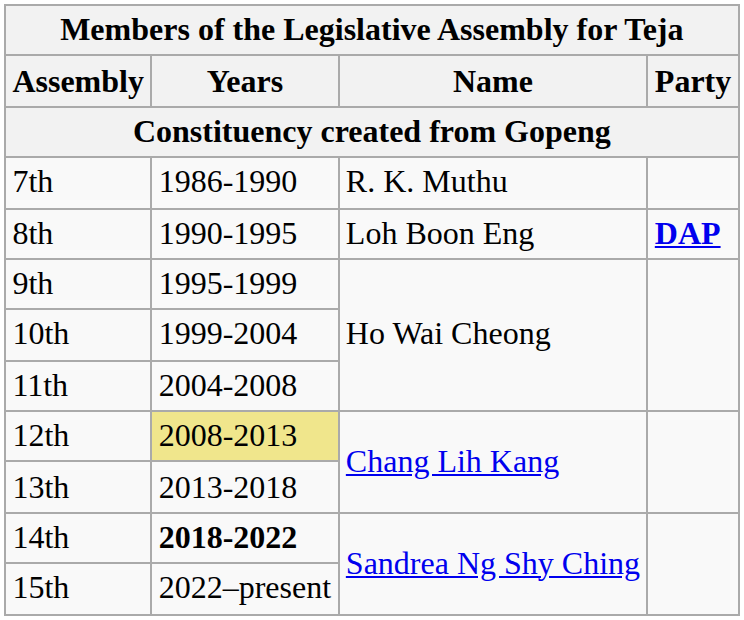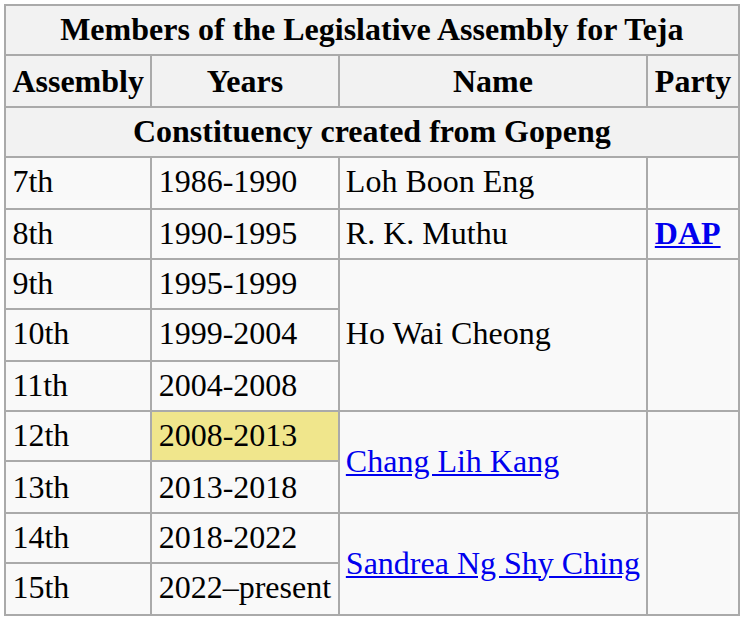 <table class="wikitable">
 <tr>
 <th colspan="4">Members of the Legislative Assembly for Teja</th>
 </tr>
 <tr>
 <th>Assembly</th>
 <th>Years</th>
 <th>Name</th>
 <th>Party</th>
 </tr>
 <tr>
 <th colspan="4">Constituency created from Gopeng</th>
 </tr>
 <tr>
 <td>7th</td>
 <td>1986-1990</td>
-<td>R. K. Muthu</td>
+<td>Loh Boon Eng</td>
 <td></td>
 </tr>
 <tr>
 <td>8th</td>
 <td>1990-1995</td>
-<td>Loh Boon Eng</td>
+<td>R. K. Muthu</td>
 <td><strong><a href='#'>DAP</a></strong></td>
 </tr>
 <tr>
 <td>9th</td>
 <td>1995-1999</td>
 <td rowspan="3">Ho Wai Cheong</td>
 <td rowspan="3"></td>
 </tr>
 <tr>
 <td>10th</td>
 <td>1999-2004</td>
 </tr>
 <tr>
 <td>11th</td>
 <td>2004-2008</td>
 </tr>
 <tr>
 <td>12th</td>
 <td style="background: khaki;">2008-2013</td>
 <td rowspan="2"><a href='#'>Chang Lih Kang</a></td>
 <td rowspan="2"></td>
 </tr>
 <tr>
 <td>13th</td>
 <td>2013-2018</td>
 </tr>
 <tr>
 <td>14th</td>
-<td><strong>2018-2022</strong></td>
+<td>2018-2022</td>
 <td rowspan="2"><a href='#'>Sandrea Ng Shy Ching</a></td>
 <td rowspan="2"></td>
 </tr>
 <tr>
 <td>15th</td>
 <td>2022–present</td>
 </tr>
 </table>
